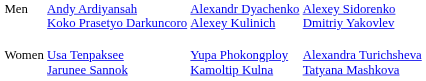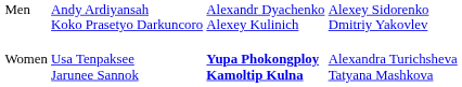 <table>
 <tr>
 <td>Men</td>
 <td><br><a href='#'>Andy Ardiyansah</a><br><a href='#'>Koko Prasetyo Darkuncoro</a></td>
 <td><br><a href='#'>Alexandr Dyachenko</a><br><a href='#'>Alexey Kulinich</a></td>
 <td><br><a href='#'>Alexey Sidorenko</a><br><a href='#'>Dmitriy Yakovlev</a></td>
 </tr>
 <tr>
 <td>Women</td>
 <td><br><a href='#'>Usa Tenpaksee</a><br><a href='#'>Jarunee Sannok</a></td>
-<td><br><a href='#'>Yupa Phokongploy</a><br><a href='#'>Kamoltip Kulna</a></td>
+<td><strong><br><a href='#'>Yupa Phokongploy</a><br><a href='#'>Kamoltip Kulna</a></strong></td>
 <td><br><a href='#'>Alexandra Turichsheva</a><br><a href='#'>Tatyana Mashkova</a></td>
 </tr>
 </table>
